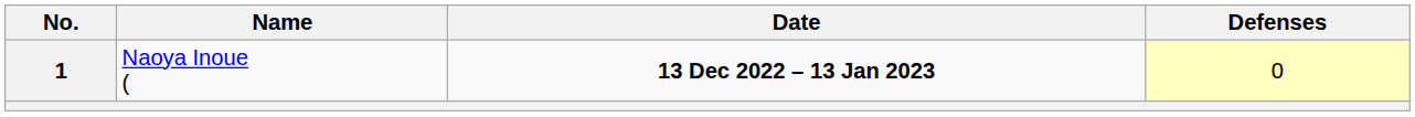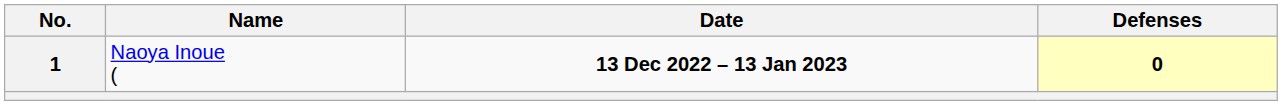 <table class="wikitable sortable" style="width:80%">
 <tr>
 <th>No.</th>
 <th>Name</th>
 <th>Date</th>
 <th>Defenses</th>
 </tr>
 <tr align=center>
 <th>1</th>
 <td align=left><a href='#'>Naoya Inoue</a><br>(</td>
 <td><strong>13 Dec 2022 – 13 Jan 2023</strong></td>
-<td style="background:#ffffbf;">0</td>
+<td style="background:#ffffbf;"><strong>0</strong></td>
 </tr>
 <tr align=center>
 <th colspan="4"></th>
 </tr>
 </table>
